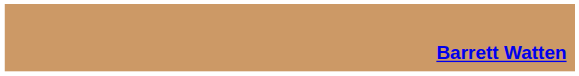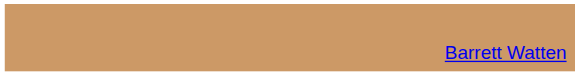 <table class="toccolours" style="float: right; margin-left: 2em; margin-right: 1em; font-size: 90%; background:#CC9966; width:30em; max-width: 40%;" cellspacing="5">
 <tr>
 <td style="text-align: left;"><br></td>
 </tr>
 <tr>
-<td style="text-align: right;"><strong><a href='#'>Barrett Watten</a></strong></td>
+<td style="text-align: right;"><a href='#'>Barrett Watten</a></td>
 </tr>
 </table>
